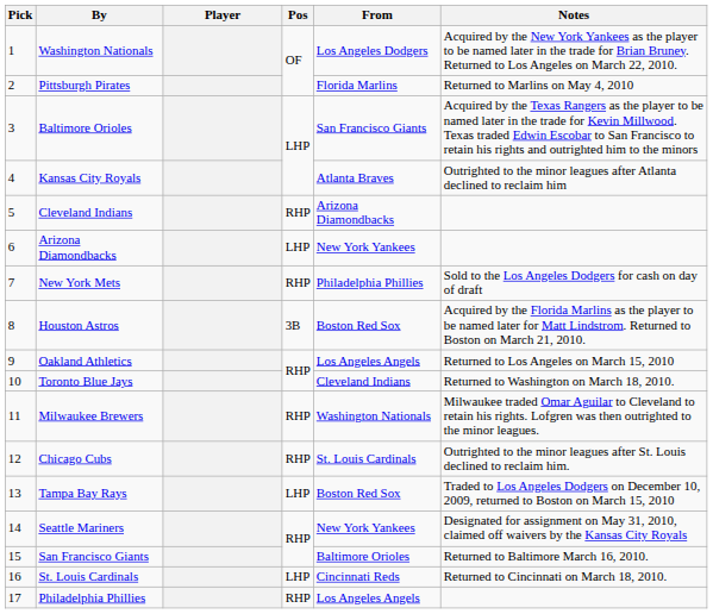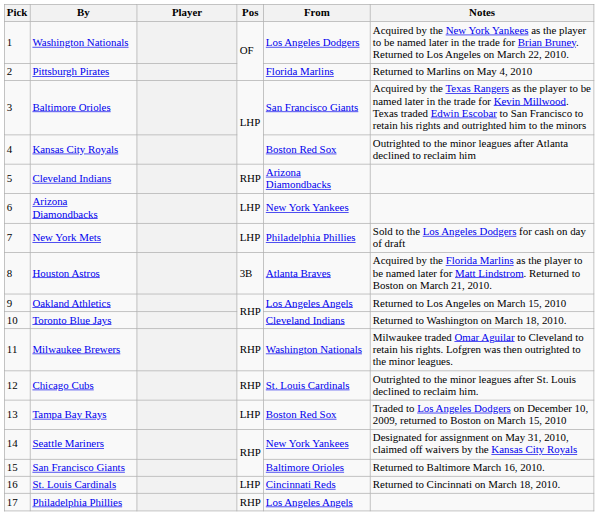 <table class="wikitable sortable plainrowheaders">
 <tr>
 <th scope="col">Pick</th>
 <th scope="col" style="width:150px;">By</th>
 <th scope="col" style="width:140px;">Player</th>
 <th scope="col">Pos</th>
 <th scope="col" style="width:150px;">From</th>
 <th scope="col">Notes</th>
 </tr>
 <tr>
 <td>1</td>
 <td><a href='#'>Washington Nationals</a></td>
 <th scope="row" style="text:align=center"></th>
 <td rowspan="2">OF</td>
 <td><a href='#'>Los Angeles Dodgers</a></td>
 <td>Acquired by the <a href='#'>New York Yankees</a> as the player to be named later in the trade for <a href='#'>Brian Bruney</a>. Returned to Los Angeles on March 22, 2010.</td>
 </tr>
 <tr>
 <td>2</td>
 <td><a href='#'>Pittsburgh Pirates</a></td>
 <th scope="row" style="text:align=center"></th>
 <td><a href='#'>Florida Marlins</a></td>
 <td>Returned to Marlins on May 4, 2010</td>
 </tr>
 <tr>
 <td>3</td>
 <td><a href='#'>Baltimore Orioles</a></td>
 <th scope="row" style="text:align=center"></th>
 <td rowspan="2">LHP</td>
 <td><a href='#'>San Francisco Giants</a></td>
 <td>Acquired by the <a href='#'>Texas Rangers</a> as the player to be named later in the trade for <a href='#'>Kevin Millwood</a>. Texas traded <a href='#'>Edwin Escobar</a> to San Francisco to retain his rights and outrighted him to the minors</td>
 </tr>
 <tr>
 <td>4</td>
 <td><a href='#'>Kansas City Royals</a></td>
 <th scope="row" style="text:align=center"></th>
-<td><a href='#'>Atlanta Braves</a></td>
+<td><a href='#'>Boston Red Sox</a></td>
 <td>Outrighted to the minor leagues after Atlanta declined to reclaim him</td>
 </tr>
 <tr>
 <td>5</td>
 <td><a href='#'>Cleveland Indians</a></td>
 <th scope="row" style="text:align=center"></th>
 <td>RHP</td>
 <td><a href='#'>Arizona Diamondbacks</a></td>
 <td></td>
 </tr>
 <tr>
 <td>6</td>
 <td><a href='#'>Arizona Diamondbacks</a></td>
 <th scope="row" style="text:align=center"></th>
 <td>LHP</td>
 <td><a href='#'>New York Yankees</a></td>
 <td></td>
 </tr>
 <tr>
 <td>7</td>
 <td><a href='#'>New York Mets</a></td>
 <th scope="row" style="text:align=center"></th>
-<td>RHP</td>
+<td>LHP</td>
 <td><a href='#'>Philadelphia Phillies</a></td>
 <td>Sold to the <a href='#'>Los Angeles Dodgers</a> for cash on day of draft</td>
 </tr>
 <tr>
 <td>8</td>
 <td><a href='#'>Houston Astros</a></td>
 <th scope="row" style="text:align=center"></th>
 <td>3B</td>
-<td><a href='#'>Boston Red Sox</a></td>
+<td><a href='#'>Atlanta Braves</a></td>
 <td>Acquired by the <a href='#'>Florida Marlins</a> as the player to be named later for <a href='#'>Matt Lindstrom</a>. Returned to Boston on March 21, 2010.</td>
 </tr>
 <tr>
 <td>9</td>
 <td><a href='#'>Oakland Athletics</a></td>
 <th scope="row" style="text:align=center"></th>
 <td rowspan="2">RHP</td>
 <td><a href='#'>Los Angeles Angels</a></td>
 <td>Returned to Los Angeles on March 15, 2010</td>
 </tr>
 <tr>
 <td>10</td>
 <td><a href='#'>Toronto Blue Jays</a></td>
 <th scope="row" style="text:align=center"></th>
 <td><a href='#'>Cleveland Indians</a></td>
 <td>Returned to Washington on March 18, 2010.</td>
 </tr>
 <tr>
 <td>11</td>
 <td><a href='#'>Milwaukee Brewers</a></td>
 <th scope="row" style="text:align=center"></th>
 <td>RHP</td>
 <td><a href='#'>Washington Nationals</a></td>
 <td>Milwaukee traded <a href='#'>Omar Aguilar</a> to Cleveland to retain his rights. Lofgren was then outrighted to the minor leagues.</td>
 </tr>
 <tr>
 <td>12</td>
 <td><a href='#'>Chicago Cubs</a></td>
 <th scope="row" style="text:align=center"></th>
 <td>RHP</td>
 <td><a href='#'>St. Louis Cardinals</a></td>
 <td>Outrighted to the minor leagues after St. Louis declined to reclaim him.</td>
 </tr>
 <tr>
 <td>13</td>
 <td><a href='#'>Tampa Bay Rays</a></td>
 <th scope="row" style="text:align=center"></th>
 <td>LHP</td>
 <td><a href='#'>Boston Red Sox</a></td>
 <td>Traded to <a href='#'>Los Angeles Dodgers</a> on December 10, 2009, returned to Boston on March 15, 2010</td>
 </tr>
 <tr>
 <td>14</td>
 <td><a href='#'>Seattle Mariners</a></td>
 <th scope="row" style="text:align=center"></th>
 <td rowspan="2">RHP</td>
 <td><a href='#'>New York Yankees</a></td>
 <td>Designated for assignment on May 31, 2010, claimed off waivers by the <a href='#'>Kansas City Royals</a></td>
 </tr>
 <tr>
 <td>15</td>
 <td><a href='#'>San Francisco Giants</a></td>
 <th scope="row" style="text:align=center"></th>
 <td><a href='#'>Baltimore Orioles</a></td>
 <td>Returned to Baltimore March 16, 2010.</td>
 </tr>
 <tr>
 <td>16</td>
 <td><a href='#'>St. Louis Cardinals</a></td>
 <th scope="row" style="text:align=center"></th>
 <td>LHP</td>
 <td><a href='#'>Cincinnati Reds</a></td>
 <td>Returned to Cincinnati on March 18, 2010.</td>
 </tr>
 <tr>
 <td>17</td>
 <td><a href='#'>Philadelphia Phillies</a></td>
 <th scope="row" style="text:align=center"></th>
 <td>RHP</td>
 <td><a href='#'>Los Angeles Angels</a></td>
 <td></td>
 </tr>
 </table>
